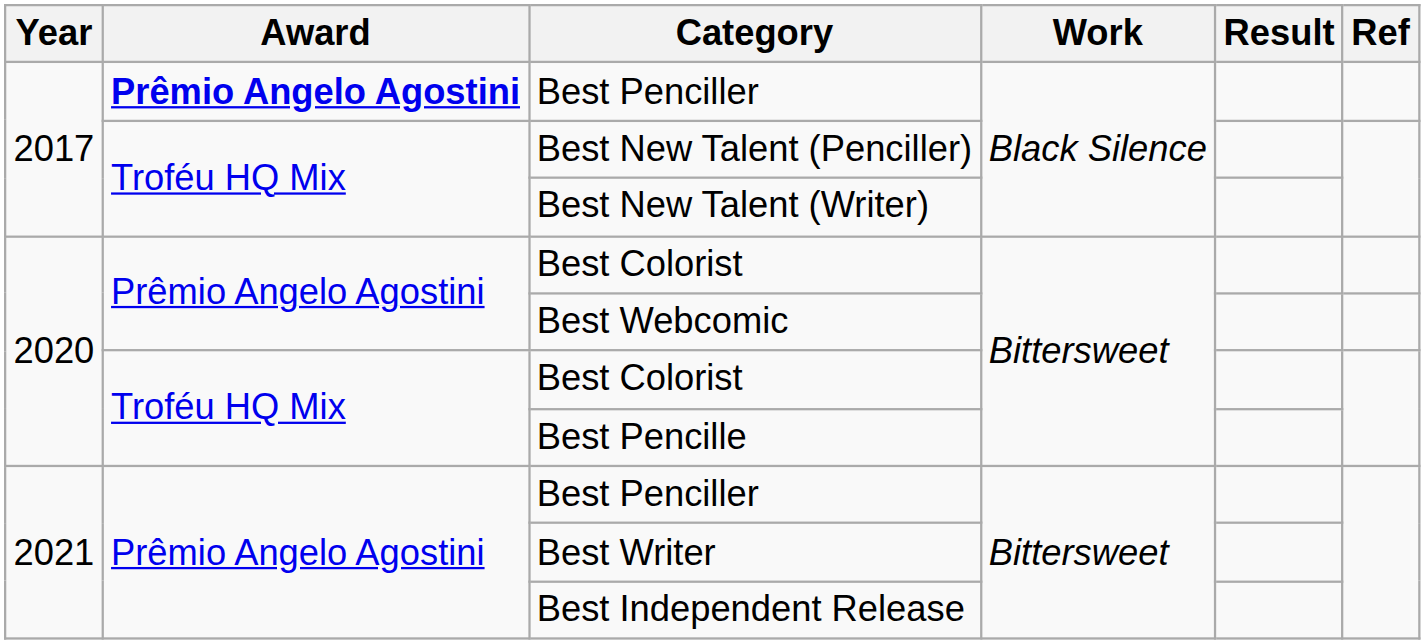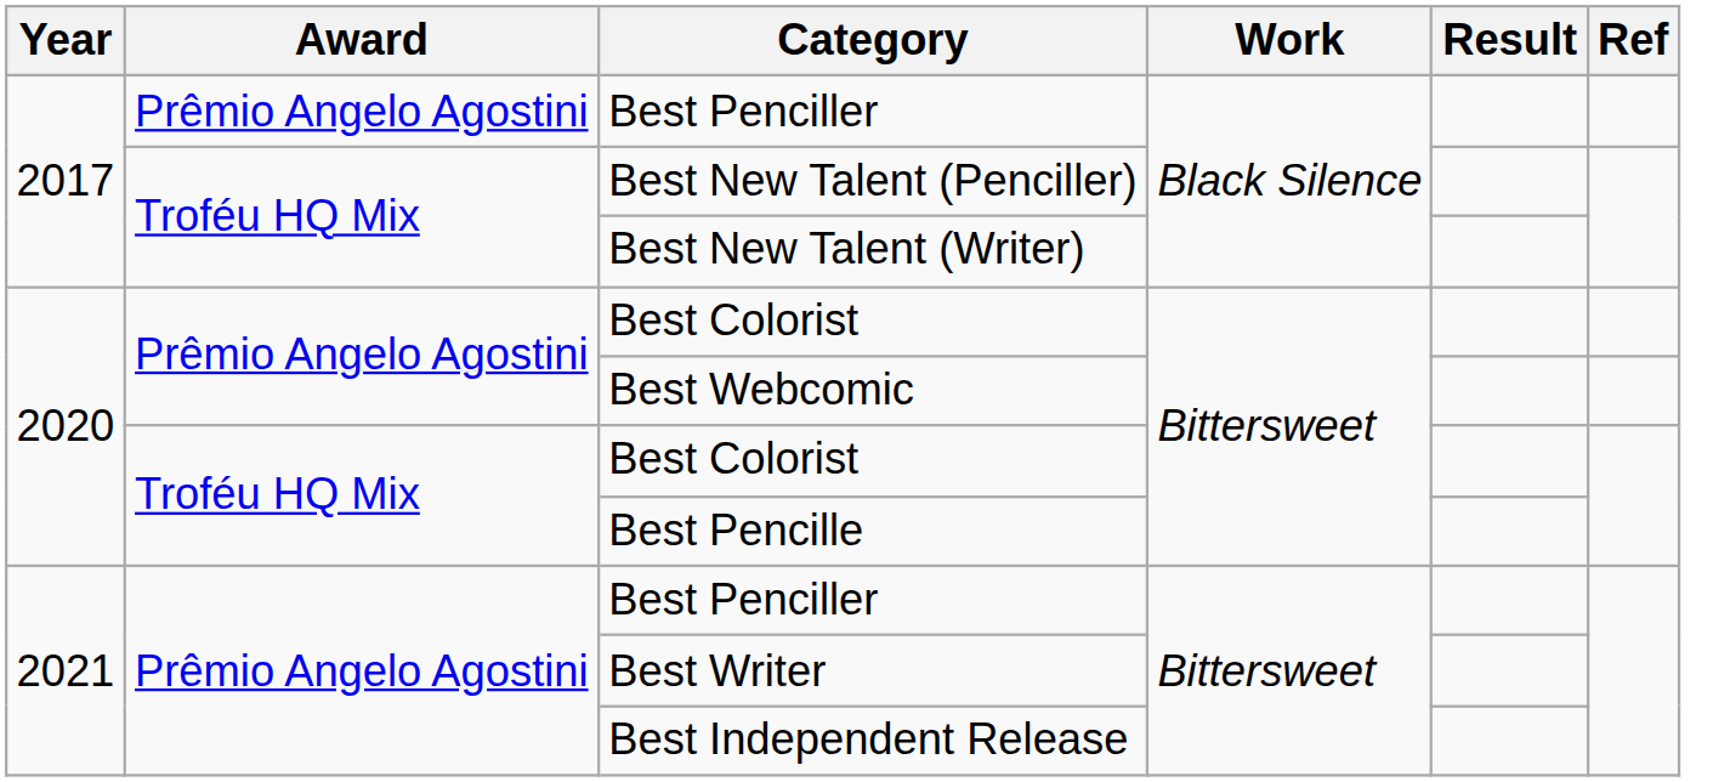 <table class="wikitable">
 <tr>
 <th>Year</th>
 <th>Award</th>
 <th>Category</th>
 <th>Work</th>
 <th>Result</th>
 <th>Ref</th>
 </tr>
 <tr>
 <td rowspan=3>2017</td>
-<td><strong><a href='#'>Prêmio Angelo Agostini</a></strong></td>
+<td><a href='#'>Prêmio Angelo Agostini</a></td>
 <td>Best Penciller</td>
 <td rowspan=3><em>Black Silence</em></td>
 <td></td>
 <td></td>
 </tr>
 <tr>
 <td rowspan=2><a href='#'>Troféu HQ Mix</a></td>
 <td>Best New Talent (Penciller)</td>
 <td></td>
 <td rowspan=2></td>
 </tr>
 <tr>
 <td>Best New Talent (Writer)</td>
 <td></td>
 </tr>
 <tr>
 <td rowspan=4>2020</td>
 <td rowspan=2><a href='#'>Prêmio Angelo Agostini</a></td>
 <td>Best Colorist</td>
 <td rowspan=4><em>Bittersweet</em></td>
 <td></td>
 <td></td>
 </tr>
 <tr>
 <td>Best Webcomic</td>
 <td></td>
 <td></td>
 </tr>
 <tr>
 <td rowspan=2><a href='#'>Troféu HQ Mix</a></td>
 <td>Best Colorist</td>
 <td></td>
 <td rowspan=2></td>
 </tr>
 <tr>
 <td>Best Pencille</td>
 <td></td>
 </tr>
 <tr>
 <td rowspan=3>2021</td>
 <td rowspan=3><a href='#'>Prêmio Angelo Agostini</a></td>
 <td>Best Penciller</td>
 <td rowspan=3><em>Bittersweet</em></td>
 <td></td>
 <td rowspan=3></td>
 </tr>
 <tr>
 <td>Best Writer</td>
 <td></td>
 </tr>
 <tr>
 <td>Best Independent Release</td>
 <td></td>
 </tr>
 </table>
